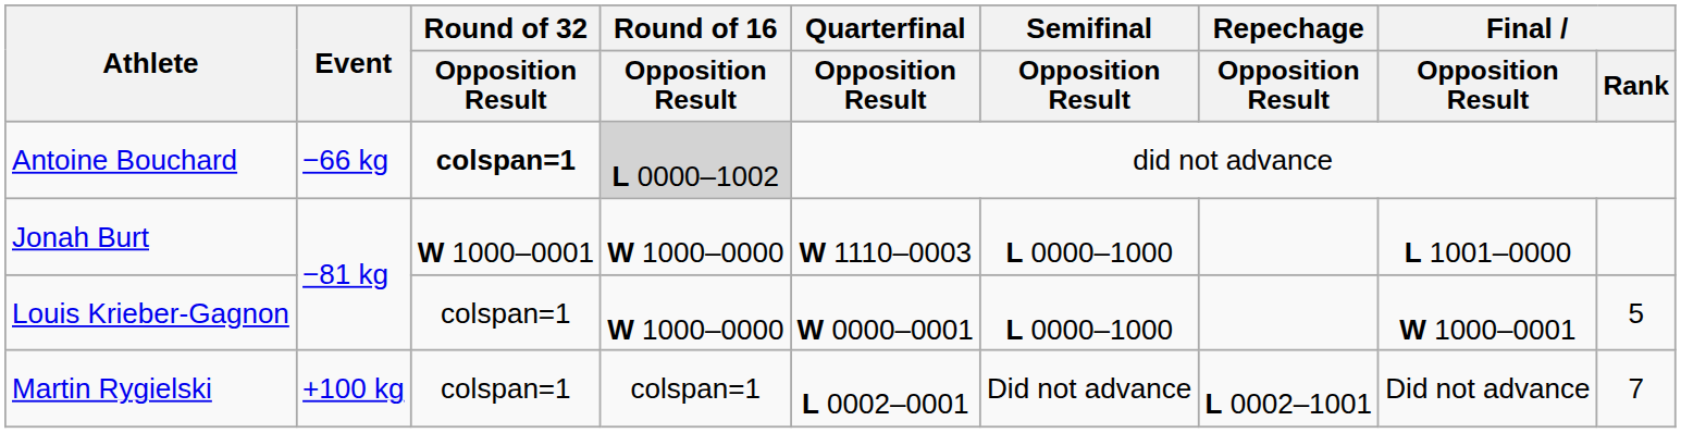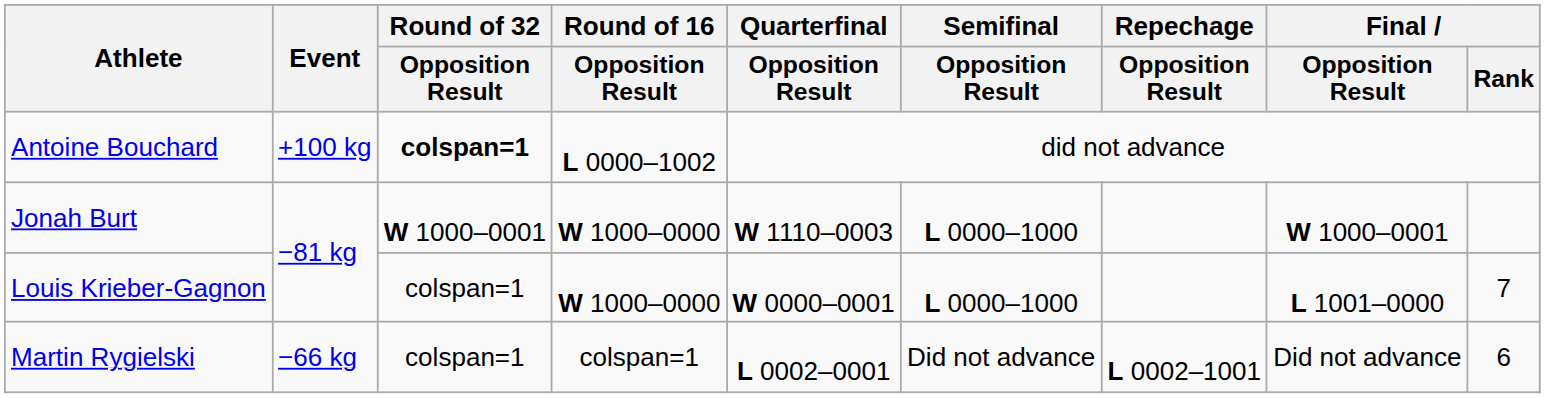 <table class="wikitable" style="font-size:90%">
 <tr>
 <th rowspan=2>Athlete</th>
 <th rowspan=2>Event</th>
 <th>Round of 32</th>
 <th>Round of 16</th>
 <th>Quarterfinal</th>
 <th>Semifinal</th>
 <th>Repechage</th>
 <th colspan=2>Final / </th>
 </tr>
 <tr style="font-size: 95%">
 <th>Opposition<br>Result</th>
 <th>Opposition<br>Result</th>
 <th>Opposition<br>Result</th>
 <th>Opposition<br>Result</th>
 <th>Opposition<br>Result</th>
 <th>Opposition<br>Result</th>
 <th>Rank</th>
 </tr>
 <tr align=center>
 <td align=left><a href='#'>Antoine Bouchard</a></td>
-<td align=left><a href='#'>−66 kg</a></td>
+<td align=left><a href='#'>+100 kg</a></td>
 <td><strong>colspan=1 </strong></td>
-<td style="background: lightgrey;"><br><strong>L</strong> 0000–1002</td>
+<td><br><strong>L</strong> 0000–1002</td>
 <td colspan="5">did not advance</td>
 </tr>
 <tr align=center>
 <td align=left><a href='#'>Jonah Burt</a></td>
 <td align=left rowspan="2"><a href='#'>−81 kg</a></td>
 <td><br><strong>W</strong> 1000–0001</td>
 <td><br><strong>W</strong> 1000–0000</td>
 <td><br><strong>W</strong> 1110–0003</td>
 <td><br><strong>L</strong> 0000–1000</td>
 <td></td>
-<td><br><strong>L</strong> 1001–0000</td>
+<td><br><strong>W</strong> 1000–0001</td>
 <td></td>
 </tr>
 <tr align=center>
 <td align=left><a href='#'>Louis Krieber-Gagnon</a></td>
 <td>colspan=1 </td>
 <td><br><strong>W</strong> 1000–0000</td>
 <td><br><strong>W</strong> 0000–0001</td>
 <td><br><strong>L</strong> 0000–1000</td>
 <td></td>
-<td><br><strong>W</strong> 1000–0001</td>
-<td>5</td>
+<td><br><strong>L</strong> 1001–0000</td>
+<td>7</td>
 </tr>
 <tr align=center>
 <td align=left><a href='#'>Martin Rygielski</a></td>
-<td align=left><a href='#'>+100 kg</a></td>
+<td align=left><a href='#'>−66 kg</a></td>
 <td>colspan=1 </td>
 <td>colspan=1 </td>
 <td><br><strong>L</strong> 0002–0001</td>
 <td>Did not advance</td>
 <td><br><strong>L</strong> 0002–1001</td>
 <td>Did not advance</td>
-<td>7</td>
+<td>6</td>
 </tr>
 </table>
